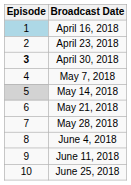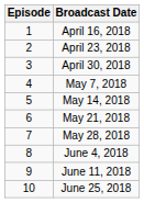 <table class="wikitable" style="text-align:center;">
 <tr>
 <th>Episode</th>
 <th>Broadcast Date</th>
 </tr>
 <tr>
-<td style="background: lightblue;">1</td>
+<td>1</td>
 <td>April 16, 2018</td>
 </tr>
 <tr>
 <td>2</td>
 <td>April 23, 2018</td>
 </tr>
 <tr>
-<td><strong>3</strong></td>
+<td>3</td>
 <td>April 30, 2018</td>
 </tr>
 <tr>
 <td>4</td>
 <td>May 7, 2018</td>
 </tr>
 <tr>
-<td style="background: lightgrey;">5</td>
+<td>5</td>
 <td>May 14, 2018</td>
 </tr>
 <tr>
 <td>6</td>
 <td>May 21, 2018</td>
 </tr>
 <tr>
 <td>7</td>
 <td>May 28, 2018</td>
 </tr>
 <tr>
 <td>8</td>
 <td>June 4, 2018</td>
 </tr>
 <tr>
 <td>9</td>
 <td>June 11, 2018</td>
 </tr>
 <tr>
 <td>10</td>
 <td>June 25, 2018</td>
 </tr>
 </table>
